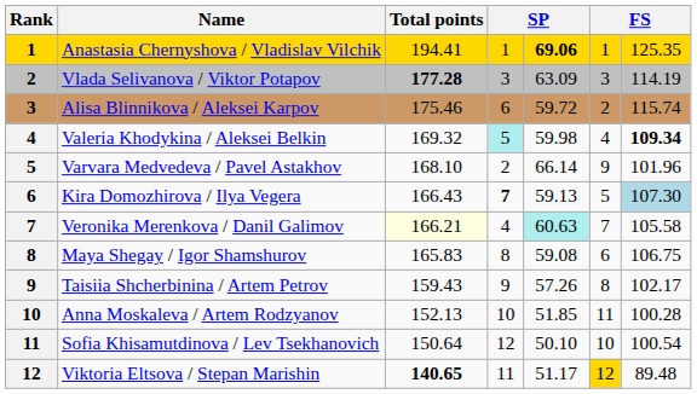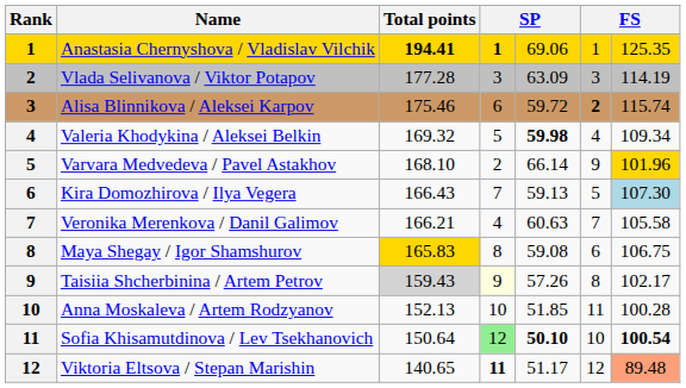 <table class="wikitable sortable">
 <tr>
 <th>Rank</th>
 <th>Name</th>
 <th>Total points</th>
 <th colspan="2" width="80px"><a href='#'>SP</a></th>
 <th colspan="2" width="80px"><a href='#'>FS</a></th>
 </tr>
 <tr bgcolor="gold">
 <td align="center"><strong>1</strong></td>
 <td><a href='#'>Anastasia Chernyshova</a> / <a href='#'>Vladislav Vilchik</a></td>
-<td align="center">194.41</td>
-<td align="center">1</td>
-<td align="center"><strong>69.06</strong></td>
+<td align="center"><strong>194.41</strong></td>
+<td align="center"><strong>1</strong></td>
+<td align="center">69.06</td>
 <td align="center">1</td>
 <td align="center">125.35</td>
 </tr>
 <tr bgcolor="silver">
 <td align="center"><strong>2</strong></td>
 <td><a href='#'>Vlada Selivanova</a> / <a href='#'>Viktor Potapov</a></td>
-<td align="center"><strong>177.28</strong></td>
+<td align="center">177.28</td>
 <td align="center">3</td>
 <td align="center">63.09</td>
 <td align="center">3</td>
 <td align="center">114.19</td>
 </tr>
 <tr bgcolor="cc9966">
 <td align="center"><strong>3</strong></td>
 <td><a href='#'>Alisa Blinnikova</a> / <a href='#'>Aleksei Karpov</a></td>
 <td align="center">175.46</td>
 <td align="center">6</td>
 <td align="center">59.72</td>
-<td align="center">2</td>
+<td align="center"><strong>2</strong></td>
 <td align="center">115.74</td>
 </tr>
 <tr>
 <th>4</th>
 <td><a href='#'>Valeria Khodykina</a> / <a href='#'>Aleksei Belkin</a></td>
 <td align="center">169.32</td>
-<td align="center" style="background: paleturquoise;">5</td>
-<td align="center">59.98</td>
+<td align="center">5</td>
+<td align="center"><strong>59.98</strong></td>
 <td align="center">4</td>
-<td align="center"><strong>109.34</strong></td>
+<td align="center">109.34</td>
 </tr>
 <tr>
 <th>5</th>
 <td><a href='#'>Varvara Medvedeva</a> / <a href='#'>Pavel Astakhov</a></td>
 <td align="center">168.10</td>
 <td align="center">2</td>
 <td align="center">66.14</td>
 <td align="center">9</td>
-<td align="center">101.96</td>
+<td align="center" style="background: gold;">101.96</td>
 </tr>
 <tr>
 <th>6</th>
 <td><a href='#'>Kira Domozhirova</a> / <a href='#'>Ilya Vegera</a></td>
 <td align="center">166.43</td>
-<td align="center"><strong>7</strong></td>
+<td align="center">7</td>
 <td align="center">59.13</td>
 <td align="center">5</td>
 <td align="center" style="background: lightblue;">107.30</td>
 </tr>
 <tr>
 <th>7</th>
 <td><a href='#'>Veronika Merenkova</a> / <a href='#'>Danil Galimov</a></td>
-<td align="center" style="background: lightyellow;">166.21</td>
+<td align="center">166.21</td>
 <td align="center">4</td>
-<td align="center" style="background: paleturquoise;">60.63</td>
+<td align="center">60.63</td>
 <td align="center">7</td>
 <td align="center">105.58</td>
 </tr>
 <tr>
 <th>8</th>
 <td><a href='#'>Maya Shegay</a> / <a href='#'>Igor Shamshurov</a></td>
-<td align="center">165.83</td>
+<td align="center" style="background: gold;">165.83</td>
 <td align="center">8</td>
 <td align="center">59.08</td>
 <td align="center">6</td>
 <td align="center">106.75</td>
 </tr>
 <tr>
 <th>9</th>
 <td><a href='#'>Taisiia Shcherbinina</a> / <a href='#'>Artem Petrov</a></td>
-<td align="center">159.43</td>
-<td align="center">9</td>
+<td align="center" style="background: lightgrey;">159.43</td>
+<td align="center" style="background: lightyellow;">9</td>
 <td align="center">57.26</td>
 <td align="center">8</td>
 <td align="center">102.17</td>
 </tr>
 <tr>
 <th>10</th>
 <td><a href='#'>Anna Moskaleva</a> / <a href='#'>Artem Rodzyanov</a></td>
 <td align="center">152.13</td>
 <td align="center">10</td>
 <td align="center">51.85</td>
 <td align="center">11</td>
 <td align="center">100.28</td>
 </tr>
 <tr>
 <th>11</th>
 <td><a href='#'>Sofia Khisamutdinova</a> / <a href='#'>Lev Tsekhanovich</a></td>
 <td align="center">150.64</td>
-<td align="center">12</td>
-<td align="center">50.10</td>
+<td align="center" style="background: lightgreen;">12</td>
+<td align="center"><strong>50.10</strong></td>
 <td align="center">10</td>
-<td align="center">100.54</td>
+<td align="center"><strong>100.54</strong></td>
 </tr>
 <tr>
 <th>12</th>
 <td><a href='#'>Viktoria Eltsova</a> / <a href='#'>Stepan Marishin</a></td>
-<td align="center"><strong>140.65</strong></td>
-<td align="center">11</td>
+<td align="center">140.65</td>
+<td align="center"><strong>11</strong></td>
 <td align="center">51.17</td>
-<td align="center" style="background: gold;">12</td>
-<td align="center">89.48</td>
+<td align="center">12</td>
+<td align="center" style="background: lightsalmon;">89.48</td>
 </tr>
 </table>
